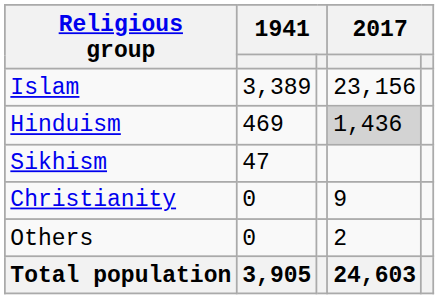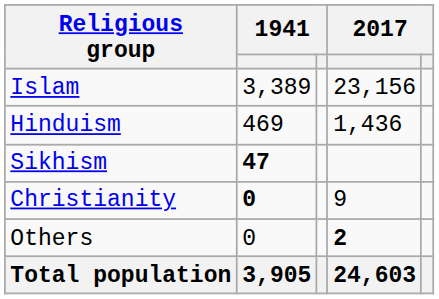 <table class="wikitable sortable">
 <tr>
 <th rowspan="2"><a href='#'>Religious</a><br>group</th>
 <th colspan="2">1941</th>
 <th colspan="2">2017</th>
 </tr>
 <tr>
 <th><a href='#'></a></th>
 <th></th>
 <th></th>
 <th></th>
 </tr>
 <tr>
 <td><a href='#'>Islam</a> </td>
 <td>3,389</td>
 <td></td>
 <td>23,156</td>
 <td></td>
 </tr>
 <tr>
 <td><a href='#'>Hinduism</a> </td>
 <td>469</td>
 <td></td>
-<td style="background: lightgrey;">1,436</td>
+<td>1,436</td>
 <td></td>
 </tr>
 <tr>
 <td><a href='#'>Sikhism</a> </td>
-<td>47</td>
+<td><strong>47</strong></td>
 <td></td>
 <td></td>
 <td></td>
 </tr>
 <tr>
 <td><a href='#'>Christianity</a> </td>
-<td>0</td>
+<td><strong>0</strong></td>
 <td></td>
 <td>9</td>
 <td></td>
 </tr>
 <tr>
 <td>Others</td>
 <td>0</td>
 <td></td>
-<td>2</td>
+<td><strong>2</strong></td>
 <td></td>
 </tr>
 <tr>
 <th>Total population</th>
 <th>3,905</th>
 <th></th>
 <th>24,603</th>
 <th></th>
 </tr>
 </table>
